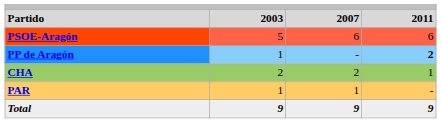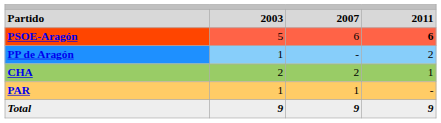 <table class="wikitable" style="margin:0 auto">
 <tr>
 <td colspan="9"  style="width:600px; background:silver;"></td>
 </tr>
 <tr style="background:#d8d8d8;">
 <td><strong>Partido</strong></td>
 <td style="text-align:right;"><strong>2003</strong></td>
 <td style="text-align:right;"><strong>2007</strong></td>
 <td style="text-align:right;"><strong>2011</strong></td>
 </tr>
 <tr>
 <td style="background:#ff4500;"><strong><a href='#'>PSOE-Aragón</a></strong></td>
 <td style="background:tomato; text-align:right;">5</td>
 <td style="background:tomato; text-align:right;">6</td>
-<td style="background:tomato; text-align:right;">6</td>
+<td style="background:tomato; text-align:right;"><strong>6</strong></td>
 </tr>
 <tr>
 <td style="background:#1e90ff;"><strong><a href='#'>PP de Aragón</a></strong></td>
 <td style="background:#87cefa; text-align:right;">1</td>
 <td style="background:#87cefa; text-align:right;">-</td>
-<td style="background:#87cefa; text-align:right;"><strong>2</strong></td>
+<td style="background:#87cefa; text-align:right;">2</td>
 </tr>
 <tr style="background:#9c6;">
 <td><strong><a href='#'>CHA</a></strong></td>
 <td style="text-align:right;">2</td>
 <td style="text-align:right;">2</td>
 <td style="text-align:right;">1</td>
 </tr>
 <tr>
 <td style="background:#fc6;"><strong><a href='#'>PAR</a></strong></td>
 <td style="background:#fc6; text-align:right;">1</td>
 <td style="background:#fc6; text-align:right;">1</td>
 <td style="background:#fc6; text-align:right;">-</td>
 </tr>
 <tr style="background:#eee;">
 <td><strong><em>Total</em></strong></td>
 <td style="text-align:right;"><strong><em>9</em></strong></td>
 <td style="text-align:right;"><strong><em>9</em></strong></td>
 <td style="text-align:right;"><strong><em>9</em></strong></td>
 </tr>
 </table>
